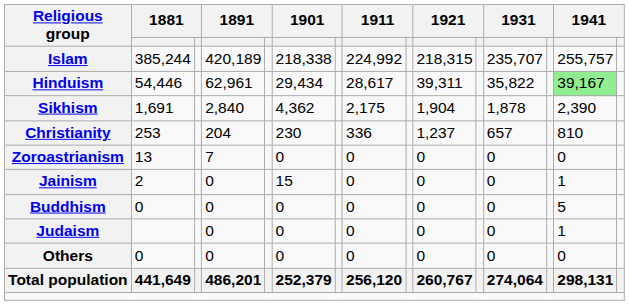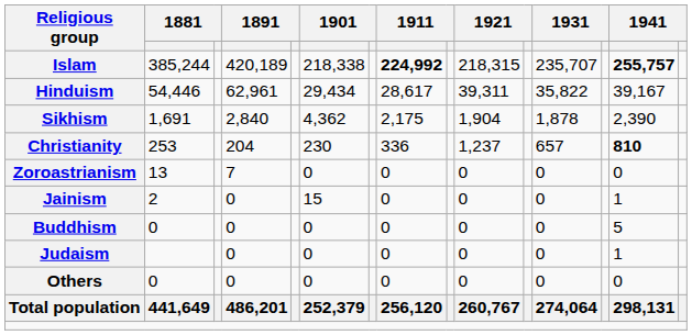 <table class="wikitable sortable">
 <tr>
 <th rowspan="2"><a href='#'>Religious</a><br>group</th>
 <th colspan="2">1881</th>
 <th colspan="2">1891</th>
 <th colspan="2">1901</th>
 <th colspan="2">1911</th>
 <th colspan="2">1921</th>
 <th colspan="2">1931</th>
 <th colspan="2">1941</th>
 </tr>
 <tr>
 <th><a href='#'></a></th>
 <th></th>
 <th></th>
 <th></th>
 <th></th>
 <th></th>
 <th></th>
 <th></th>
 <th></th>
 <th></th>
 <th></th>
 <th></th>
 <th></th>
 <th></th>
 </tr>
 <tr>
 <th><a href='#'>Islam</a> </th>
 <td>385,244</td>
 <td></td>
 <td>420,189</td>
 <td></td>
 <td>218,338</td>
 <td></td>
-<td>224,992</td>
+<td><strong>224,992</strong></td>
 <td></td>
 <td>218,315</td>
 <td></td>
 <td>235,707</td>
 <td></td>
-<td>255,757</td>
+<td><strong>255,757</strong></td>
 <td></td>
 </tr>
 <tr>
 <th><a href='#'>Hinduism</a> </th>
 <td>54,446</td>
 <td></td>
 <td>62,961</td>
 <td></td>
 <td>29,434</td>
 <td></td>
 <td>28,617</td>
 <td></td>
 <td>39,311</td>
 <td></td>
 <td>35,822</td>
 <td></td>
-<td style="background: lightgreen;">39,167</td>
+<td>39,167</td>
 <td></td>
 </tr>
 <tr>
 <th><a href='#'>Sikhism</a> </th>
 <td>1,691</td>
 <td></td>
 <td>2,840</td>
 <td></td>
 <td>4,362</td>
 <td></td>
 <td>2,175</td>
 <td></td>
 <td>1,904</td>
 <td></td>
 <td>1,878</td>
 <td></td>
 <td>2,390</td>
 <td></td>
 </tr>
 <tr>
 <th><a href='#'>Christianity</a> </th>
 <td>253</td>
 <td></td>
 <td>204</td>
 <td></td>
 <td>230</td>
 <td></td>
 <td>336</td>
 <td></td>
 <td>1,237</td>
 <td></td>
 <td>657</td>
 <td></td>
-<td>810</td>
+<td><strong>810</strong></td>
 <td></td>
 </tr>
 <tr>
 <th><a href='#'>Zoroastrianism</a> </th>
 <td>13</td>
 <td></td>
 <td>7</td>
 <td></td>
 <td>0</td>
 <td></td>
 <td>0</td>
 <td></td>
 <td>0</td>
 <td></td>
 <td>0</td>
 <td></td>
 <td>0</td>
 <td></td>
 </tr>
 <tr>
 <th><a href='#'>Jainism</a> </th>
 <td>2</td>
 <td></td>
 <td>0</td>
 <td></td>
 <td>15</td>
 <td></td>
 <td>0</td>
 <td></td>
 <td>0</td>
 <td></td>
 <td>0</td>
 <td></td>
 <td>1</td>
 <td></td>
 </tr>
 <tr>
 <th><a href='#'>Buddhism</a> </th>
 <td>0</td>
 <td></td>
 <td>0</td>
 <td></td>
 <td>0</td>
 <td></td>
 <td>0</td>
 <td></td>
 <td>0</td>
 <td></td>
 <td>0</td>
 <td></td>
 <td>5</td>
 <td></td>
 </tr>
 <tr>
 <th><a href='#'>Judaism</a> </th>
 <td></td>
 <td></td>
 <td>0</td>
 <td></td>
 <td>0</td>
 <td></td>
 <td>0</td>
 <td></td>
 <td>0</td>
 <td></td>
 <td>0</td>
 <td></td>
 <td>1</td>
 <td></td>
 </tr>
 <tr>
 <th>Others</th>
 <td>0</td>
 <td></td>
 <td>0</td>
 <td></td>
 <td>0</td>
 <td></td>
 <td>0</td>
 <td></td>
 <td>0</td>
 <td></td>
 <td>0</td>
 <td></td>
 <td>0</td>
 <td></td>
 </tr>
 <tr>
 <th>Total population</th>
 <th>441,649</th>
 <th></th>
 <th>486,201</th>
 <th></th>
 <th>252,379</th>
 <th></th>
 <th>256,120</th>
 <th></th>
 <th>260,767</th>
 <th></th>
 <th>274,064</th>
 <th></th>
 <th>298,131</th>
 <th></th>
 </tr>
 <tr class="sortbottom">
 <td colspan="15"></td>
 </tr>
 </table>
